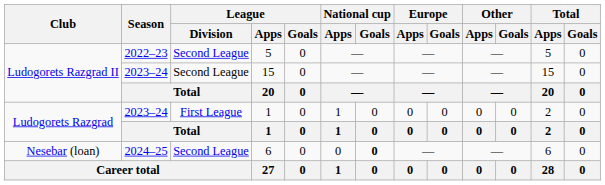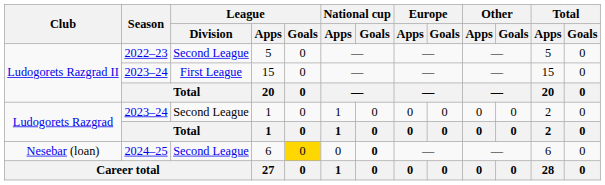 <table class="wikitable" style="text-align: center">
 <tr>
 <th rowspan="2">Club</th>
 <th rowspan="2">Season</th>
 <th colspan="3">League</th>
 <th colspan="2">National cup</th>
 <th colspan="2">Europe</th>
 <th colspan="2">Other</th>
 <th colspan="2">Total</th>
 </tr>
 <tr>
 <th>Division</th>
 <th>Apps</th>
 <th>Goals</th>
 <th>Apps</th>
 <th>Goals</th>
 <th>Apps</th>
 <th>Goals</th>
 <th>Apps</th>
 <th>Goals</th>
 <th>Apps</th>
 <th>Goals</th>
 </tr>
 <tr>
 <td rowspan="3"><a href='#'>Ludogorets Razgrad II</a></td>
 <td><a href='#'>2022–23</a></td>
 <td><a href='#'>Second League</a></td>
 <td>5</td>
 <td>0</td>
 <td colspan="2">—</td>
 <td colspan="2">—</td>
 <td colspan="2">—</td>
 <td>5</td>
 <td>0</td>
 </tr>
 <tr>
 <td><a href='#'>2023–24</a></td>
-<td>Second League</td>
+<td><a href='#'>First League</a></td>
 <td>15</td>
 <td>0</td>
 <td colspan="2">—</td>
 <td colspan="2">—</td>
 <td colspan="2">—</td>
 <td>15</td>
 <td>0</td>
 </tr>
 <tr>
 <th colspan="2">Total</th>
 <th>20</th>
 <th>0</th>
 <th colspan="2">—</th>
 <th colspan="2">—</th>
 <th colspan="2">—</th>
 <th>20</th>
 <th>0</th>
 </tr>
 <tr>
 <td rowspan="2"><a href='#'>Ludogorets Razgrad</a></td>
 <td><a href='#'>2023–24</a></td>
-<td><a href='#'>First League</a></td>
+<td>Second League</td>
 <td>1</td>
 <td>0</td>
 <td>1</td>
 <td>0</td>
 <td>0</td>
 <td>0</td>
 <td>0</td>
 <td>0</td>
 <td>2</td>
 <td>0</td>
 </tr>
 <tr>
 <th colspan="2">Total</th>
 <th>1</th>
 <th>0</th>
 <th>1</th>
 <th>0</th>
 <th>0</th>
 <th>0</th>
 <th>0</th>
 <th>0</th>
 <th>2</th>
 <th>0</th>
 </tr>
 <tr>
 <td><a href='#'>Nesebar</a> (loan)</td>
 <td><a href='#'>2024–25</a></td>
 <td><a href='#'>Second League</a></td>
 <td>6</td>
-<td>0</td>
+<td style="background: gold;">0</td>
 <td>0</td>
 <td><strong>0</strong></td>
 <td colspan="2">—</td>
 <td colspan="2">—</td>
 <td>6</td>
 <td>0</td>
 </tr>
 <tr>
 <th colspan="3">Career total</th>
 <th>27</th>
 <th>0</th>
 <th>1</th>
 <th>0</th>
 <th>0</th>
 <th>0</th>
 <th>0</th>
 <th>0</th>
 <th>28</th>
 <th>0</th>
 </tr>
 </table>
